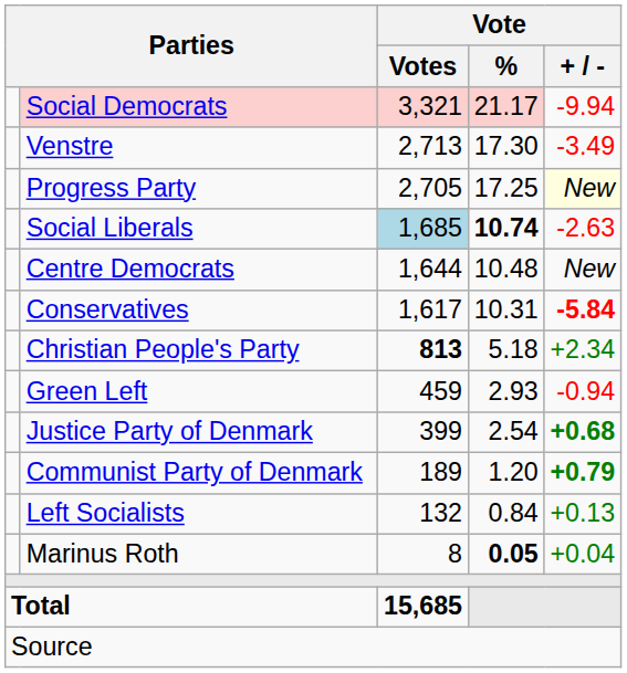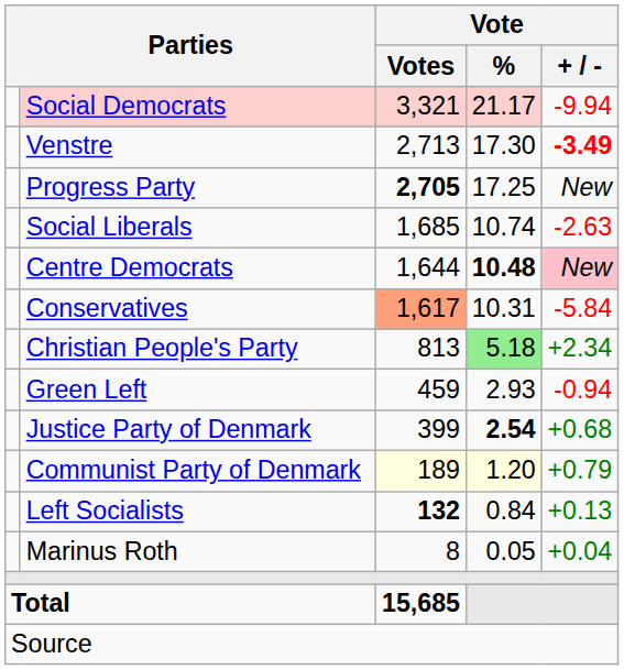 <table class="wikitable" style="text-align:right;">
 <tr>
 <th style="text-align:centre;" rowspan="2" colspan="2" width="225">Parties</th>
 <th colspan="3">Vote</th>
 </tr>
 <tr>
 <th width="15">Votes</th>
 <th width="15">%</th>
 <th width="15">+ / -</th>
 </tr>
 <tr>
 <td width="2" style="color:inherit;background:"></td>
 <td bgcolor=#fbd0ce  align="left"><a href='#'>Social Democrats</a></td>
 <td bgcolor=#fbd0ce>3,321</td>
 <td bgcolor=#fbd0ce>21.17</td>
 <td style=color:red;>-9.94</td>
 </tr>
 <tr>
 <td width="2" style="color:inherit;background:"></td>
 <td align="left"><a href='#'>Venstre</a></td>
 <td>2,713</td>
 <td>17.30</td>
-<td style=color:red;>-3.49</td>
+<td style=color:red;><strong>-3.49</strong></td>
 </tr>
 <tr>
 <td width="2" style="color:inherit;background:"></td>
 <td align="left"><a href='#'>Progress Party</a></td>
-<td>2,705</td>
+<td><strong>2,705</strong></td>
 <td>17.25</td>
-<td style="background: lightyellow;"><em>New</em></td>
+<td><em>New</em></td>
 </tr>
 <tr>
 <td width="2" style="color:inherit;background:"></td>
 <td align="left"><a href='#'>Social Liberals</a></td>
-<td style="background: lightblue;">1,685</td>
-<td><strong>10.74</strong></td>
+<td>1,685</td>
+<td>10.74</td>
 <td style=color:red;>-2.63</td>
 </tr>
 <tr>
 <td width="2" style="color:inherit;background:"></td>
 <td align="left"><a href='#'>Centre Democrats</a></td>
 <td>1,644</td>
-<td>10.48</td>
-<td><em>New</em></td>
+<td><strong>10.48</strong></td>
+<td style="background: pink;"><em>New</em></td>
 </tr>
 <tr>
 <td width="2" style="color:inherit;background:"></td>
 <td align="left"><a href='#'>Conservatives</a></td>
-<td>1,617</td>
+<td style="background: lightsalmon;">1,617</td>
 <td>10.31</td>
-<td style=color:red;><strong>-5.84</strong></td>
+<td style=color:red;>-5.84</td>
 </tr>
 <tr>
 <td width="2" style="color:inherit;background:"></td>
 <td align="left"><a href='#'>Christian People's Party</a></td>
-<td><strong>813</strong></td>
-<td>5.18</td>
+<td>813</td>
+<td style="background: lightgreen;">5.18</td>
 <td style=color:green;>+2.34</td>
 </tr>
 <tr>
 <td width="2" style="color:inherit;background:"></td>
 <td align="left"><a href='#'>Green Left</a></td>
 <td>459</td>
 <td>2.93</td>
 <td style=color:red;>-0.94</td>
 </tr>
 <tr>
 <td width="2" style="color:inherit;background:"></td>
 <td align="left"><a href='#'>Justice Party of Denmark</a></td>
 <td>399</td>
-<td>2.54</td>
-<td style=color:green;><strong>+0.68</strong></td>
+<td><strong>2.54</strong></td>
+<td style=color:green;>+0.68</td>
 </tr>
 <tr>
 <td width="2" style="color:inherit;background:"></td>
 <td align="left"><a href='#'>Communist Party of Denmark</a></td>
-<td>189</td>
-<td>1.20</td>
-<td style=color:green;><strong>+0.79</strong></td>
+<td style="background: lightyellow;">189</td>
+<td style="background: lightyellow;">1.20</td>
+<td style=color:green;>+0.79</td>
 </tr>
 <tr>
 <td width="2" style="color:inherit;background:"></td>
 <td align="left"><a href='#'>Left Socialists</a></td>
-<td>132</td>
+<td><strong>132</strong></td>
 <td>0.84</td>
 <td style=color:green;>+0.13</td>
 </tr>
 <tr>
 <td width="2" style="color:inherit;background:"></td>
 <td align="left">Marinus Roth</td>
 <td>8</td>
-<td><strong>0.05</strong></td>
+<td>0.05</td>
 <td style=color:green;>+0.04</td>
 </tr>
 <tr>
 <td colspan="7" bgcolor="#E9E9E9"></td>
 </tr>
 <tr>
 <td align="left" colspan="2"><strong>Total</strong></td>
 <td><strong>15,685</strong></td>
 <td bgcolor="#E9E9E9" colspan="2"></td>
 </tr>
 <tr>
 <td align="left" colspan="6">Source</td>
 </tr>
 </table>
